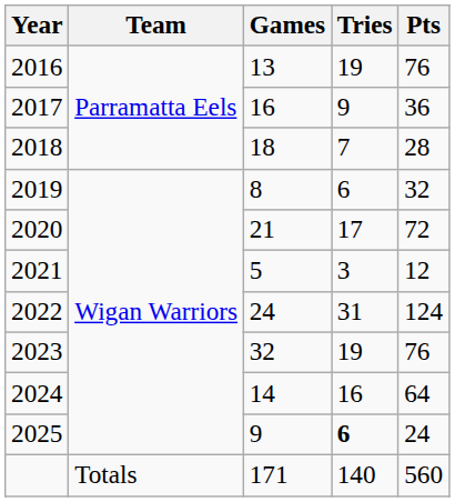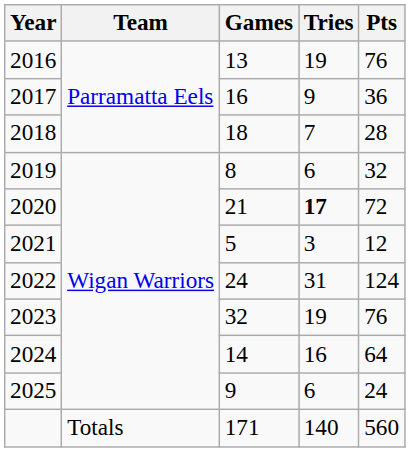 <table class="wikitable">
 <tr>
 <th>Year</th>
 <th>Team</th>
 <th>Games</th>
 <th>Tries</th>
 <th>Pts</th>
 </tr>
 <tr>
 <td>2016</td>
 <td rowspan="3"> <a href='#'>Parramatta Eels</a></td>
 <td>13</td>
 <td>19</td>
 <td>76</td>
 </tr>
 <tr>
 <td>2017</td>
 <td>16</td>
 <td>9</td>
 <td>36</td>
 </tr>
 <tr>
 <td>2018</td>
 <td>18</td>
 <td>7</td>
 <td>28</td>
 </tr>
 <tr>
 <td>2019</td>
 <td rowspan="7"> <a href='#'>Wigan Warriors</a></td>
 <td>8</td>
 <td>6</td>
 <td>32</td>
 </tr>
 <tr>
 <td>2020</td>
 <td>21</td>
-<td>17</td>
+<td><strong>17</strong></td>
 <td>72</td>
 </tr>
 <tr>
 <td>2021</td>
 <td>5</td>
 <td>3</td>
 <td>12</td>
 </tr>
 <tr>
 <td>2022</td>
 <td>24</td>
 <td>31</td>
 <td>124</td>
 </tr>
 <tr>
 <td>2023</td>
 <td>32</td>
 <td>19</td>
 <td>76</td>
 </tr>
 <tr>
 <td>2024</td>
 <td>14</td>
 <td>16</td>
 <td>64</td>
 </tr>
 <tr>
 <td>2025</td>
 <td>9</td>
-<td><strong>6</strong></td>
+<td>6</td>
 <td>24</td>
 </tr>
 <tr>
 <td></td>
 <td>Totals</td>
 <td>171</td>
 <td>140</td>
 <td>560</td>
 </tr>
 </table>
